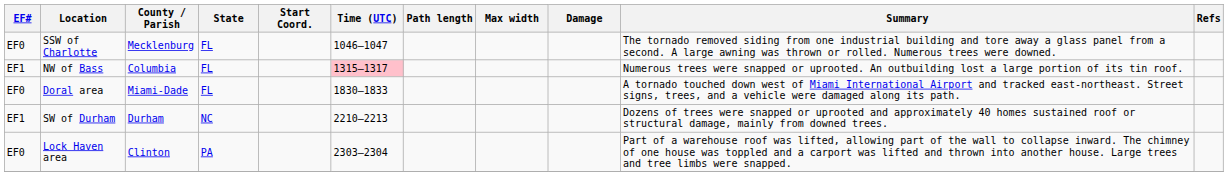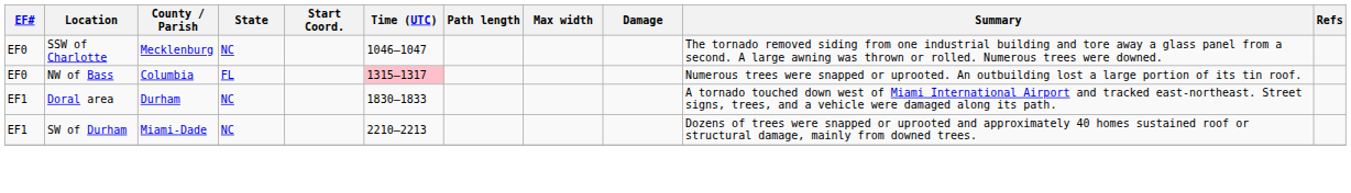 <table class="wikitable sortable" style="width:100%;">
 <tr>
 <th scope="col" width="3%" align="center"><a href='#'>EF#</a></th>
 <th scope="col" width="7%" align="center" class="unsortable">Location</th>
 <th scope="col" width="6%" align="center" class="unsortable">County / Parish</th>
 <th scope="col" width="5%" align="center">State</th>
 <th scope="col" width="6%" align="center">Start Coord.</th>
 <th scope="col" width="6%" align="center">Time (<a href='#'>UTC</a>)</th>
 <th scope="col" width="6%" align="center">Path length</th>
 <th scope="col" width="6%" align="center">Max width</th>
 <th scope="col" width="6%" align="center">Damage</th>
 <th scope="col" width="48%" class="unsortable" align="center">Summary</th>
 <th scope="col" width="48%" class="unsortable" align="center">Refs</th>
 </tr>
 <tr>
 <td>EF0</td>
 <td>SSW of <a href='#'>Charlotte</a></td>
 <td><a href='#'>Mecklenburg</a></td>
-<td><a href='#'>FL</a></td>
+<td><a href='#'>NC</a></td>
 <td></td>
 <td>1046–1047</td>
 <td></td>
 <td></td>
 <td></td>
 <td>The tornado removed siding from one industrial building and tore away a glass panel from a second. A large awning was thrown or rolled. Numerous trees were downed.</td>
 <td></td>
 </tr>
 <tr>
-<td>EF1</td>
+<td>EF0</td>
 <td>NW of <a href='#'>Bass</a></td>
 <td><a href='#'>Columbia</a></td>
 <td><a href='#'>FL</a></td>
 <td></td>
 <td style="background: pink;">1315–1317</td>
 <td></td>
 <td></td>
 <td></td>
 <td>Numerous trees were snapped or uprooted. An outbuilding lost a large portion of its tin roof.</td>
 <td></td>
 </tr>
 <tr>
-<td>EF0</td>
+<td>EF1</td>
 <td><a href='#'>Doral</a> area</td>
-<td><a href='#'>Miami-Dade</a></td>
-<td><a href='#'>FL</a></td>
+<td><a href='#'>Durham</a></td>
+<td><a href='#'>NC</a></td>
 <td></td>
 <td>1830–1833</td>
 <td></td>
 <td></td>
 <td></td>
 <td>A tornado touched down west of <a href='#'>Miami International Airport</a> and tracked east-northeast. Street signs, trees, and a vehicle were damaged along its path.</td>
 <td></td>
 </tr>
 <tr>
 <td>EF1</td>
 <td>SW of <a href='#'>Durham</a></td>
-<td><a href='#'>Durham</a></td>
+<td><a href='#'>Miami-Dade</a></td>
 <td><a href='#'>NC</a></td>
 <td></td>
 <td>2210–2213</td>
 <td></td>
 <td></td>
 <td></td>
 <td>Dozens of trees were snapped or uprooted and approximately 40 homes sustained roof or structural damage, mainly from downed trees.</td>
 <td></td>
 </tr>
 <tr>
-<td>EF0</td>
-<td><a href='#'>Lock Haven</a> area</td>
-<td><a href='#'>Clinton</a></td>
-<td><a href='#'>PA</a></td>
-<td></td>
-<td>2303–2304</td>
-<td></td>
-<td></td>
-<td></td>
-<td>Part of a warehouse roof was lifted, allowing part of the wall to collapse inward. The chimney of one house was toppled and a carport was lifted and thrown into another house. Large trees and tree limbs were snapped.</td>
-<td></td>
-</tr>
-<tr>
 </tr>
 </table>
